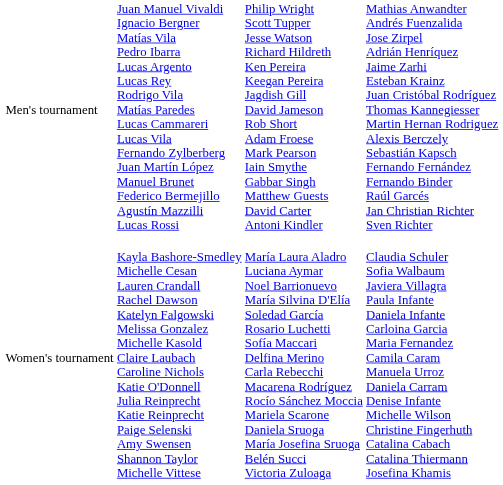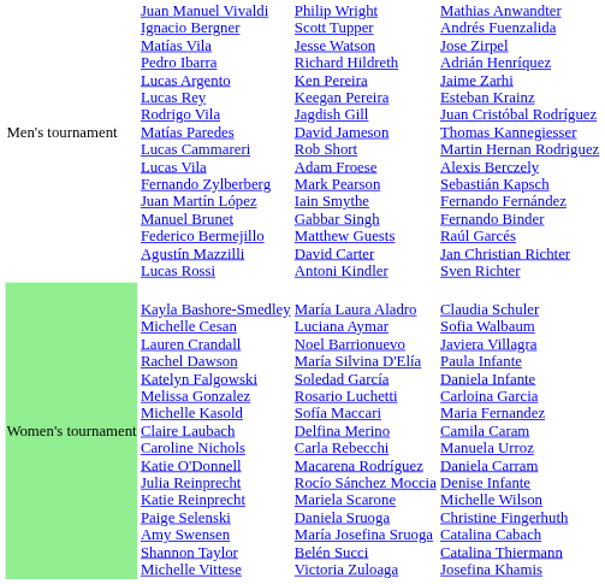 <table>
 <tr>
 <td>Men's tournament <br></td>
 <td><br><a href='#'>Juan Manuel Vivaldi</a><br><a href='#'>Ignacio Bergner</a><br><a href='#'>Matías Vila</a><br><a href='#'>Pedro Ibarra</a><br><a href='#'>Lucas Argento</a><br><a href='#'>Lucas Rey</a><br><a href='#'>Rodrigo Vila</a><br><a href='#'>Matías Paredes</a><br><a href='#'>Lucas Cammareri</a><br><a href='#'>Lucas Vila</a><br><a href='#'>Fernando Zylberberg</a><br><a href='#'>Juan Martín López</a><br><a href='#'>Manuel Brunet</a><br><a href='#'>Federico Bermejillo</a><br><a href='#'>Agustín Mazzilli</a><br><a href='#'>Lucas Rossi</a></td>
 <td><br><a href='#'>Philip Wright</a><br><a href='#'>Scott Tupper</a><br><a href='#'>Jesse Watson</a><br><a href='#'>Richard Hildreth</a><br><a href='#'>Ken Pereira</a><br><a href='#'>Keegan Pereira</a><br><a href='#'>Jagdish Gill</a><br><a href='#'>David Jameson</a><br><a href='#'>Rob Short</a><br><a href='#'>Adam Froese</a><br><a href='#'>Mark Pearson</a><br><a href='#'>Iain Smythe</a><br><a href='#'>Gabbar Singh</a><br><a href='#'>Matthew Guests</a><br><a href='#'>David Carter</a><br><a href='#'>Antoni Kindler</a></td>
 <td><br><a href='#'>Mathias Anwandter</a><br><a href='#'>Andrés Fuenzalida</a><br><a href='#'>Jose Zirpel</a><br><a href='#'>Adrián Henríquez</a><br><a href='#'>Jaime Zarhi</a><br><a href='#'>Esteban Krainz</a><br><a href='#'>Juan Cristóbal Rodríguez</a><br><a href='#'>Thomas Kannegiesser</a><br><a href='#'>Martin Hernan Rodriguez</a><br><a href='#'>Alexis Berczely</a><br><a href='#'>Sebastián Kapsch</a><br><a href='#'>Fernando Fernández</a><br><a href='#'>Fernando Binder</a><br><a href='#'>Raúl Garcés</a><br><a href='#'>Jan Christian Richter</a><br><a href='#'>Sven Richter</a></td>
 </tr>
 <tr>
-<td>Women's tournament <br></td>
+<td style="background: lightgreen;">Women's tournament <br></td>
 <td><br><a href='#'>Kayla Bashore-Smedley</a><br><a href='#'>Michelle Cesan</a><br><a href='#'>Lauren Crandall</a><br><a href='#'>Rachel Dawson</a><br><a href='#'>Katelyn Falgowski</a><br><a href='#'>Melissa Gonzalez</a><br><a href='#'>Michelle Kasold</a><br><a href='#'>Claire Laubach</a><br><a href='#'>Caroline Nichols</a><br><a href='#'>Katie O'Donnell</a><br><a href='#'>Julia Reinprecht</a><br><a href='#'>Katie Reinprecht</a><br><a href='#'>Paige Selenski</a><br><a href='#'>Amy Swensen</a><br><a href='#'>Shannon Taylor</a><br><a href='#'>Michelle Vittese</a></td>
 <td><br><a href='#'>María Laura Aladro</a><br><a href='#'>Luciana Aymar</a><br><a href='#'>Noel Barrionuevo</a><br><a href='#'>María Silvina D'Elía</a><br><a href='#'>Soledad García</a><br><a href='#'>Rosario Luchetti</a><br><a href='#'>Sofía Maccari</a><br><a href='#'>Delfina Merino</a><br><a href='#'>Carla Rebecchi</a><br><a href='#'>Macarena Rodríguez</a><br><a href='#'>Rocío Sánchez Moccia</a><br><a href='#'>Mariela Scarone</a><br><a href='#'>Daniela Sruoga</a><br><a href='#'>María Josefina Sruoga</a><br><a href='#'>Belén Succi</a><br><a href='#'>Victoria Zuloaga</a></td>
 <td><br><a href='#'>Claudia Schuler</a><br><a href='#'>Sofia Walbaum</a><br><a href='#'>Javiera Villagra</a><br><a href='#'>Paula Infante</a><br><a href='#'>Daniela Infante</a><br><a href='#'>Carloina Garcia</a><br><a href='#'>Maria Fernandez</a><br><a href='#'>Camila Caram</a><br><a href='#'>Manuela Urroz</a><br><a href='#'>Daniela Carram</a><br><a href='#'>Denise Infante</a><br><a href='#'>Michelle Wilson</a><br><a href='#'>Christine Fingerhuth</a><br><a href='#'>Catalina Cabach</a><br><a href='#'>Catalina Thiermann</a><br><a href='#'>Josefina Khamis</a></td>
 </tr>
 </table>
